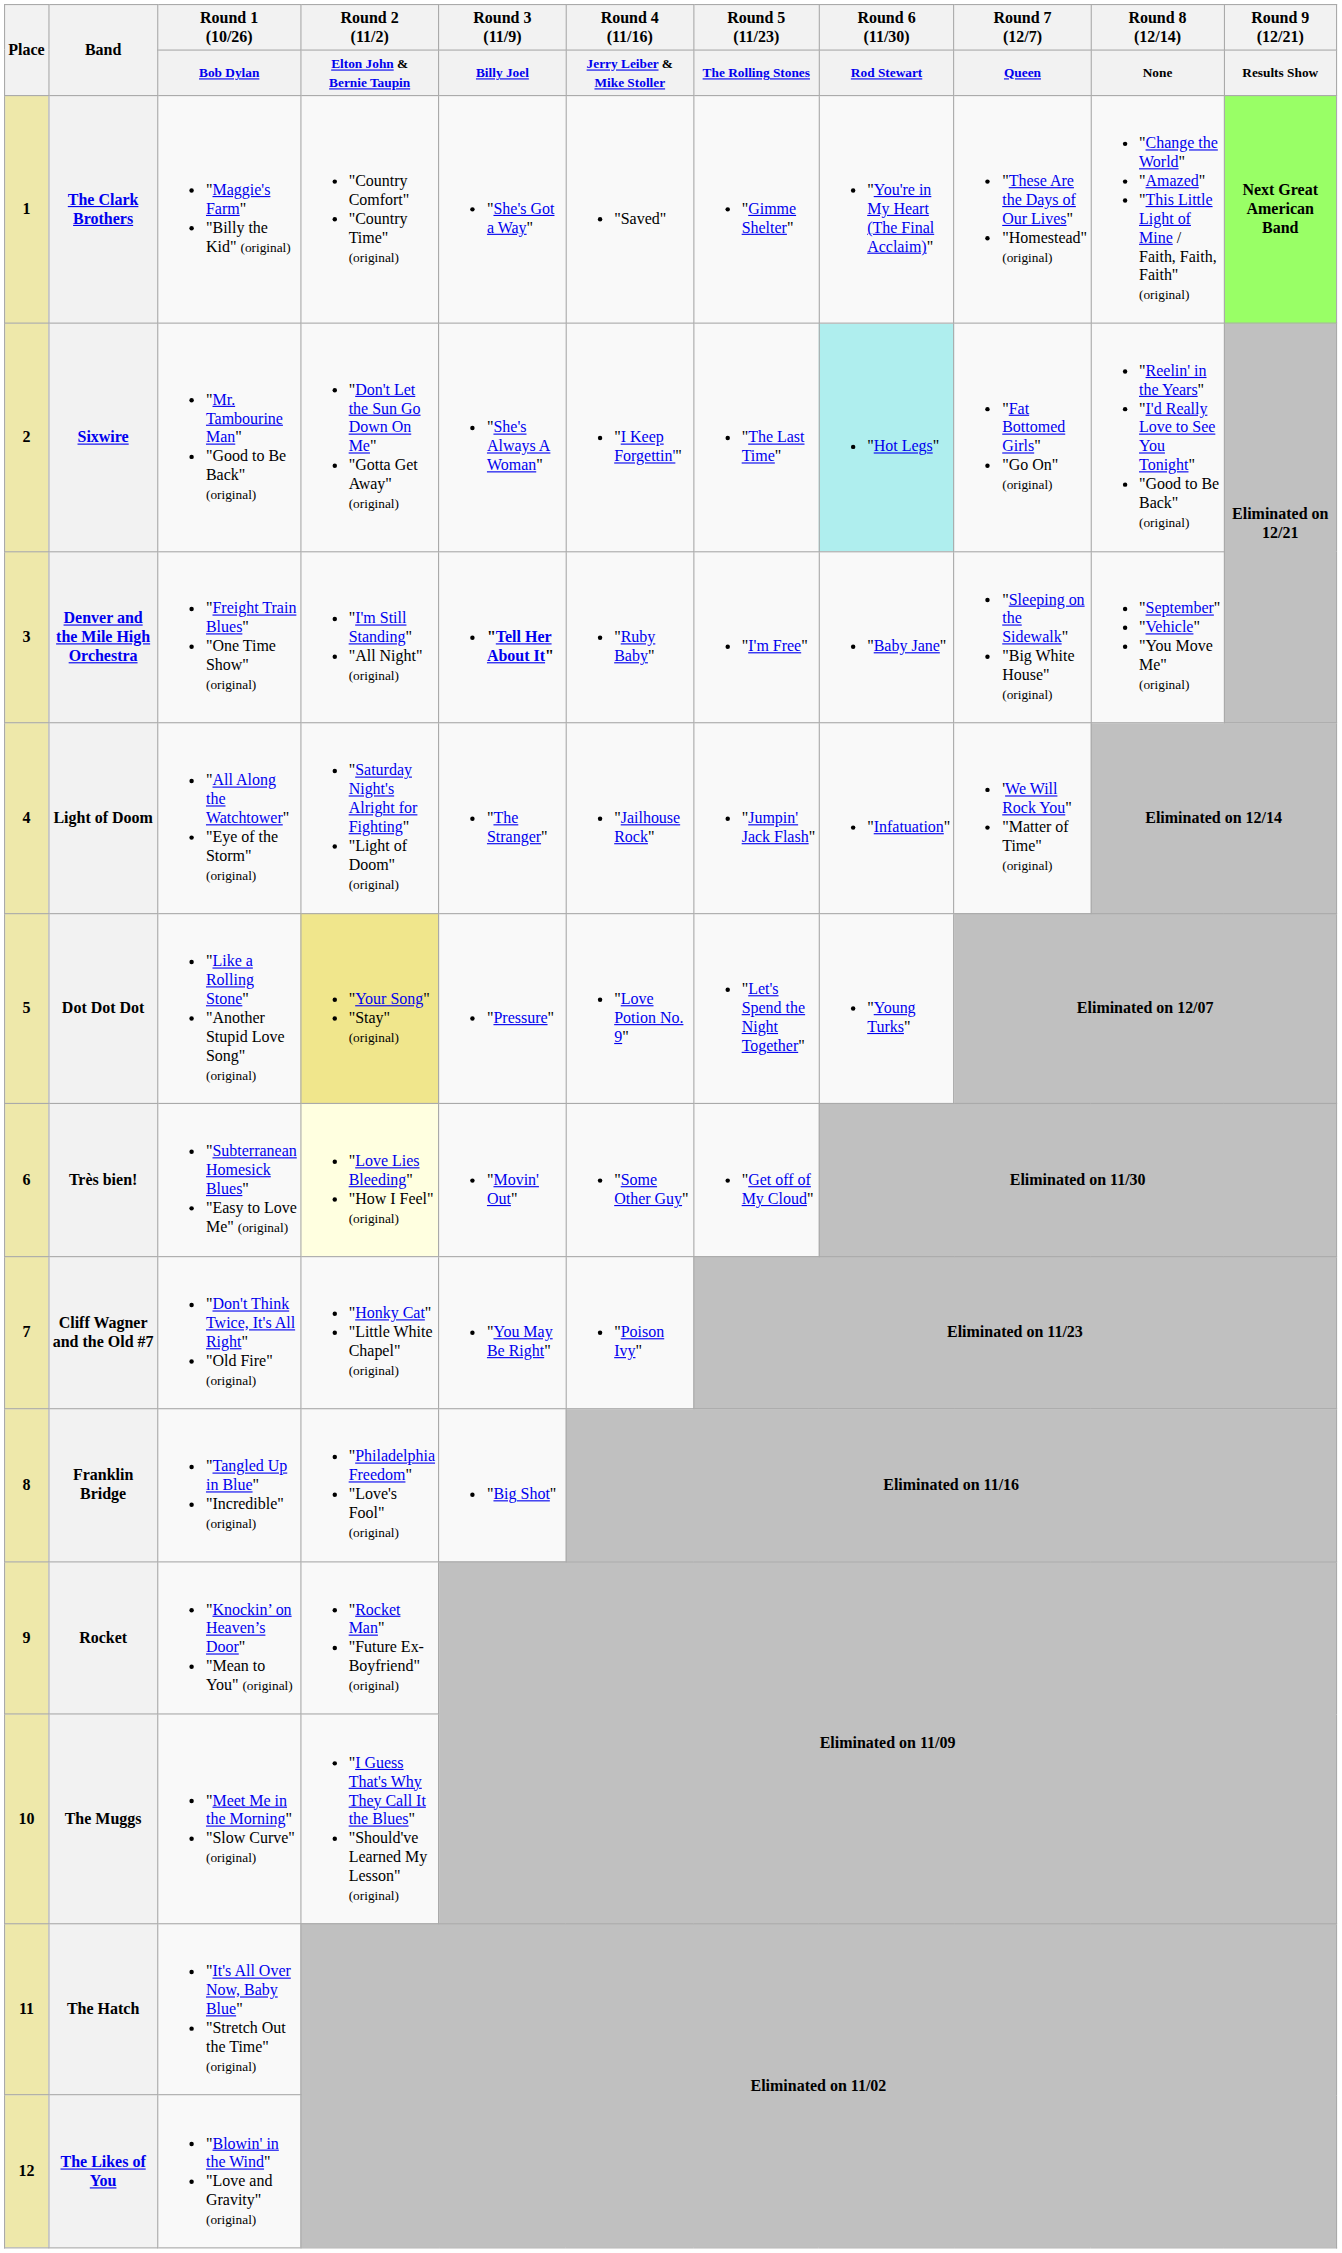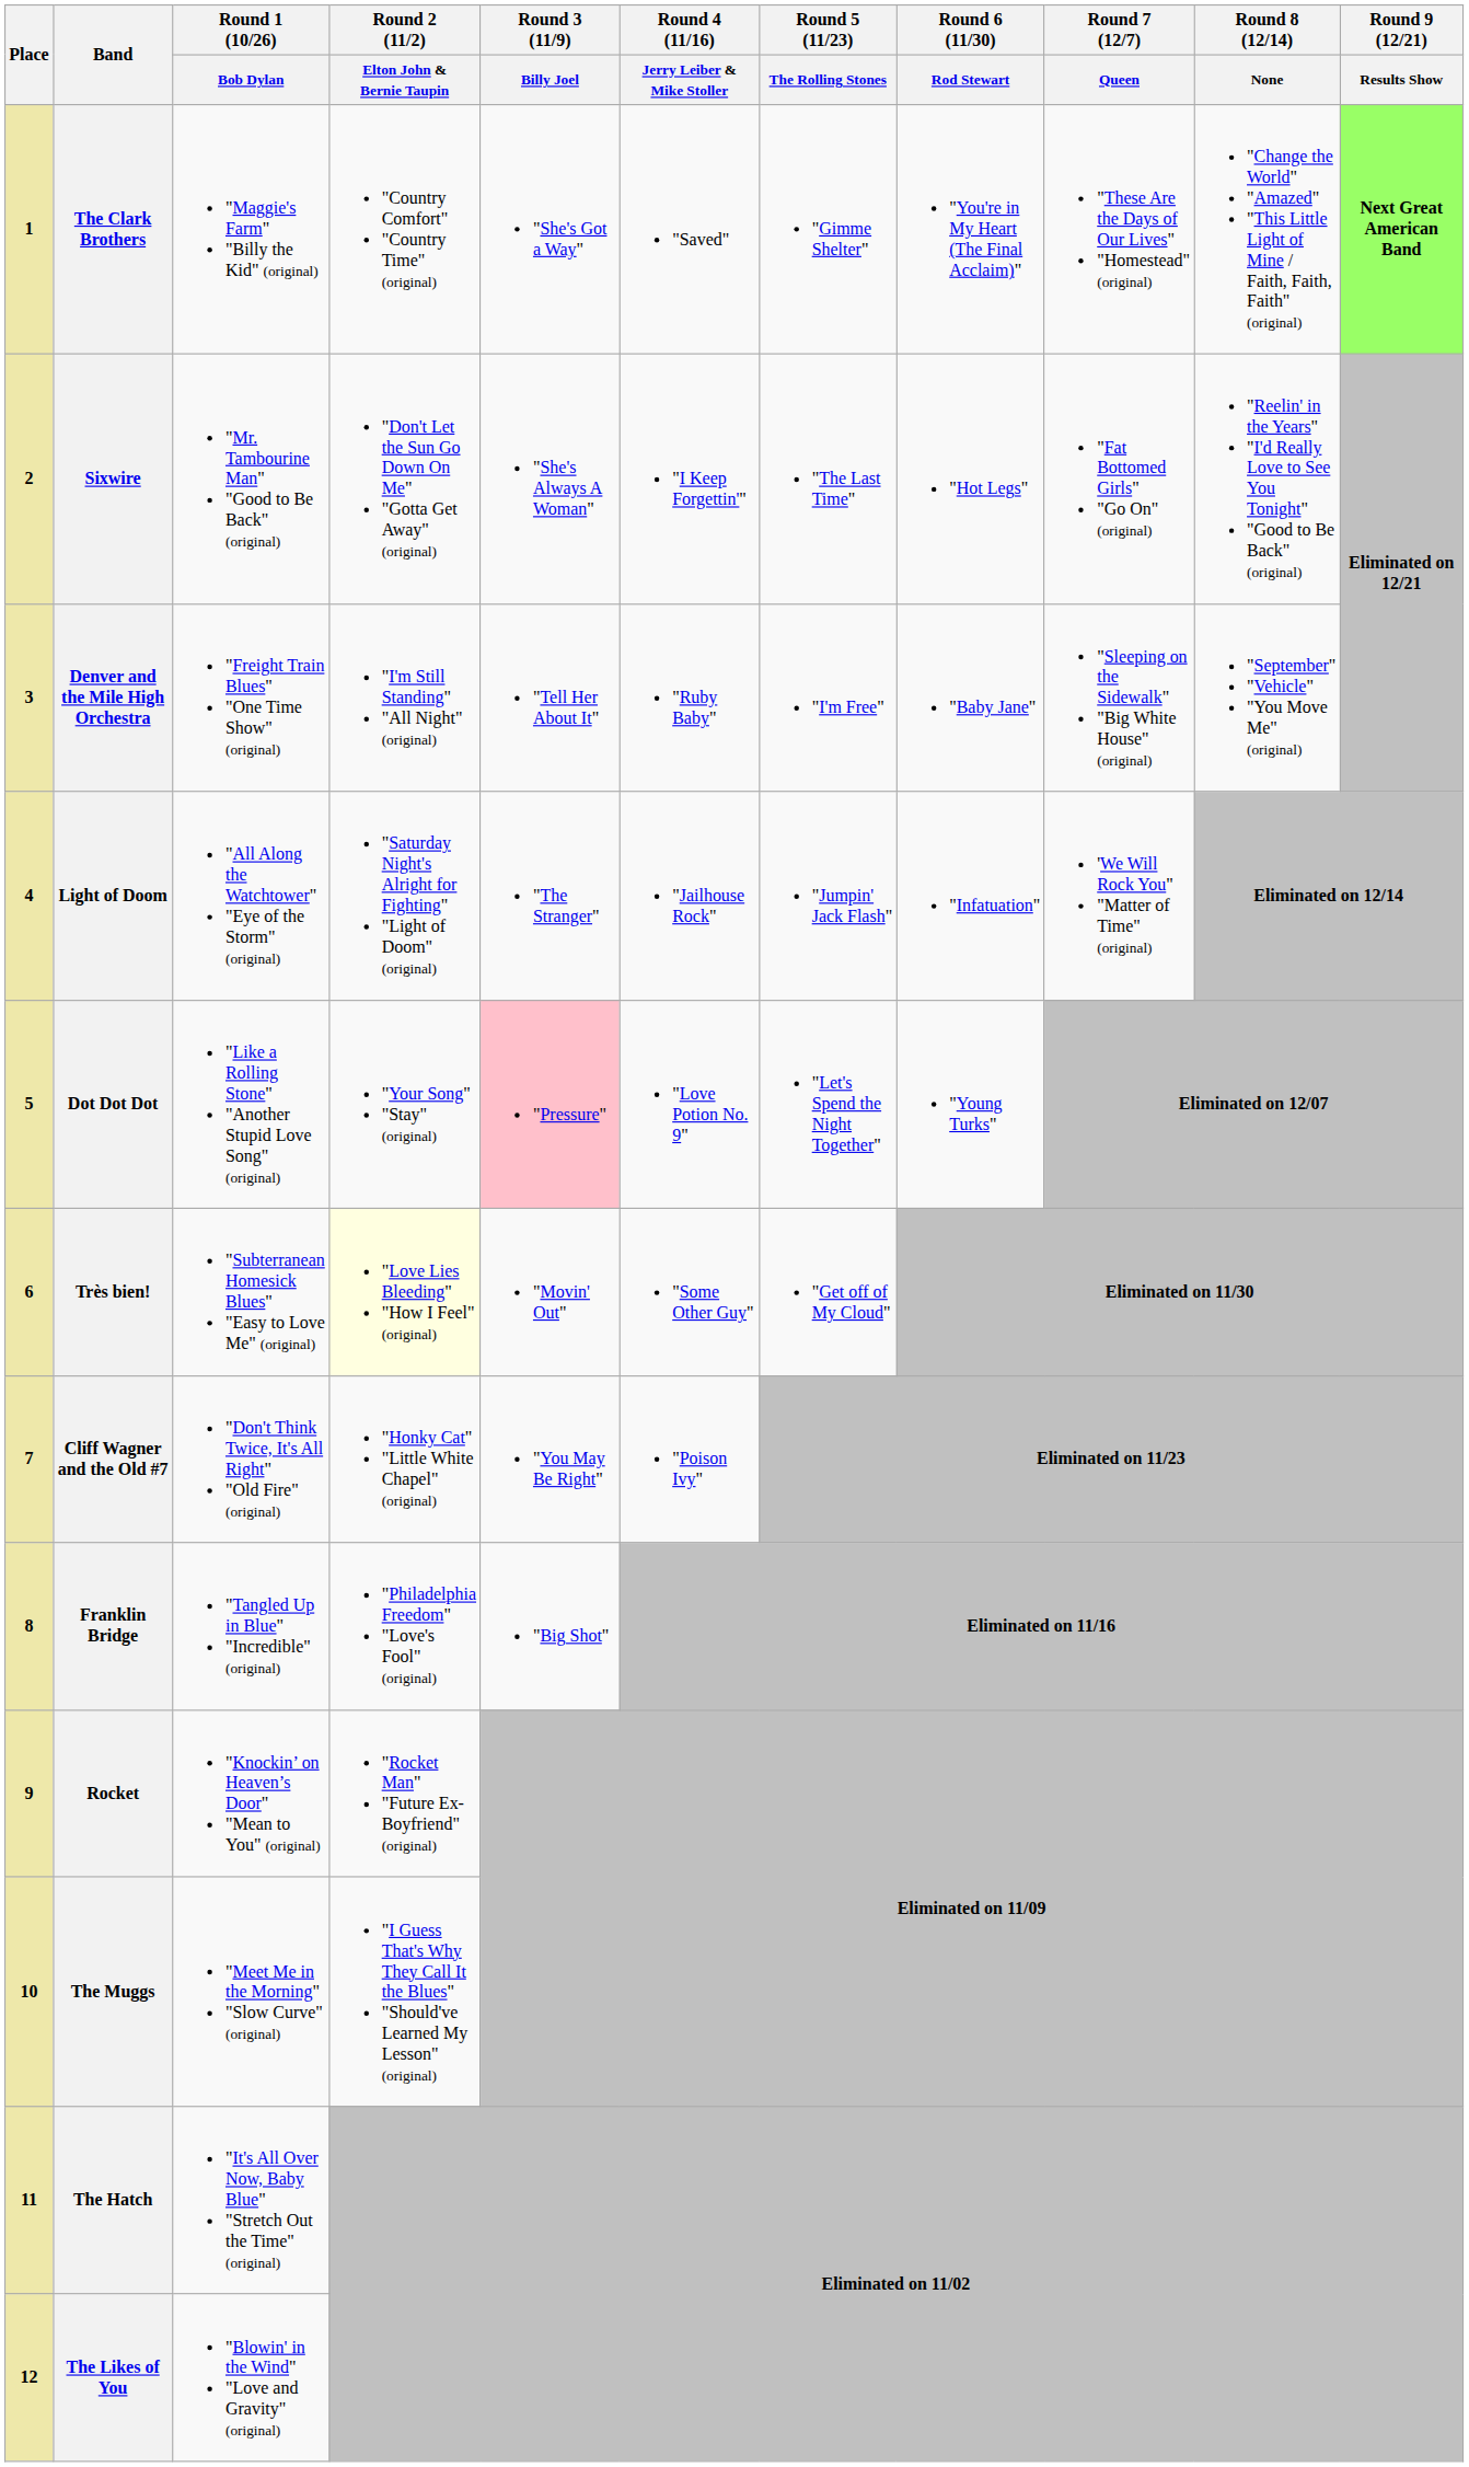 <table class="wikitable" width="95%" style="font-size:90%; valign:top">
 <tr>
 <th width="" rowspan="2">Place</th>
 <th width="10%" rowspan="2">Band</th>
 <th width="10%">Round 1<br>(10/26)</th>
 <th width="10%">Round 2<br>(11/2)</th>
 <th width="10%">Round 3<br>(11/9)</th>
 <th width="10%">Round 4<br>(11/16)</th>
 <th width="10%">Round 5<br>(11/23)</th>
 <th width="10%">Round 6<br>(11/30)</th>
 <th width="10%">Round 7<br>(12/7)</th>
 <th width="10%">Round 8<br>(12/14)</th>
 <th width="10%">Round 9<br>(12/21)</th>
 </tr>
 <tr>
 <th><small><a href='#'>Bob Dylan</a></small></th>
 <th><small><a href='#'>Elton John</a> &<br><a href='#'>Bernie Taupin</a></small></th>
 <th><small><a href='#'>Billy Joel</a></small></th>
 <th><small><a href='#'>Jerry Leiber</a> &<br><a href='#'>Mike Stoller</a></small></th>
 <th><small><a href='#'>The Rolling Stones</a></small></th>
 <th><small><a href='#'>Rod Stewart</a></small></th>
 <th><small><a href='#'>Queen</a></small></th>
 <th><small>None</small></th>
 <th><small>Results Show</small></th>
 </tr>
 <tr>
 <td align="center" bgcolor="#EEE8AA"><strong>1</strong></td>
 <th><a href='#'>The Clark Brothers</a></th>
 <td><br><ul><li>"<a href='#'>Maggie's Farm</a>"</li><li>"Billy the Kid" <small>(original)</small></li></ul></td>
 <td><br><ul><li>"Country Comfort"</li><li>"Country Time" <small>(original)</small></li></ul></td>
 <td><br><ul><li>"<a href='#'>She's Got a Way</a>"</li></ul></td>
 <td><br><ul><li>"Saved"</li></ul></td>
 <td><br><ul><li>"<a href='#'>Gimme Shelter</a>"</li></ul></td>
 <td><br><ul><li>"<a href='#'>You're in My Heart (The Final Acclaim)</a>"</li></ul></td>
 <td><br><ul><li>"<a href='#'>These Are the Days of Our Lives</a>"</li><li>"Homestead" <small>(original)</small></li></ul></td>
 <td><br><ul><li>"<a href='#'>Change the World</a>"</li><li>"<a href='#'>Amazed</a>"</li><li>"<a href='#'>This Little Light of Mine</a> / Faith, Faith, Faith" <small>(original)</small></li></ul></td>
 <td align="center" style="background:#99FF66"><strong>Next Great American Band</strong></td>
 </tr>
 <tr>
 <td align="center" bgcolor="#EEE8AA"><strong>2</strong></td>
 <th><a href='#'>Sixwire</a></th>
 <td><br><ul><li>"<a href='#'>Mr. Tambourine Man</a>"</li><li>"Good to Be Back" <small>(original)</small></li></ul></td>
 <td><br><ul><li>"<a href='#'>Don't Let the Sun Go Down On Me</a>"</li><li>"Gotta Get Away" <small>(original)</small></li></ul></td>
 <td><br><ul><li>"<a href='#'>She's Always A Woman</a>"</li></ul></td>
 <td><br><ul><li>"<a href='#'>I Keep Forgettin'</a>"</li></ul></td>
 <td><br><ul><li>"<a href='#'>The Last Time</a>"</li></ul></td>
-<td style="background: paleturquoise;"><br><ul><li>"<a href='#'>Hot Legs</a>"</li></ul></td>
+<td><br><ul><li>"<a href='#'>Hot Legs</a>"</li></ul></td>
 <td><br><ul><li>"<a href='#'>Fat Bottomed Girls</a>"</li><li>"Go On" <small>(original)</small></li></ul></td>
 <td><br><ul><li>"<a href='#'>Reelin' in the Years</a>"</li><li>"<a href='#'>I'd Really Love to See You Tonight</a>"</li><li>"Good to Be Back" <small>(original)</small></li></ul></td>
 <td align="center" style="background:#C0C0C0" rowspan="2"><strong>Eliminated on 12/21</strong></td>
 </tr>
 <tr>
 <td align="center" bgcolor="#EEE8AA"><strong>3</strong></td>
 <th><a href='#'>Denver and the Mile High Orchestra</a></th>
 <td><br><ul><li>"<a href='#'>Freight Train Blues</a>"</li><li>"One Time Show" <small>(original)</small></li></ul></td>
 <td><br><ul><li>"<a href='#'>I'm Still Standing</a>"</li><li>"All Night" <small>(original)</small></li></ul></td>
-<td><strong><br><ul><li>"<a href='#'>Tell Her About It</a>"</li></ul></strong></td>
+<td><br><ul><li>"<a href='#'>Tell Her About It</a>"</li></ul></td>
 <td><br><ul><li>"<a href='#'>Ruby Baby</a>"</li></ul></td>
 <td><br><ul><li>"<a href='#'>I'm Free</a>"</li></ul></td>
 <td><br><ul><li>"<a href='#'>Baby Jane</a>"</li></ul></td>
 <td><br><ul><li>"<a href='#'>Sleeping on the Sidewalk</a>"</li><li>"Big White House" <small>(original)</small></li></ul></td>
 <td><br><ul><li>"<a href='#'>September</a>"</li><li>"<a href='#'>Vehicle</a>"</li><li>"You Move Me" <small>(original)</small></li></ul></td>
 </tr>
 <tr>
 <td align="center" bgcolor="#EEE8AA"><strong> 4 </strong></td>
 <th>Light of Doom</th>
 <td><br><ul><li>"<a href='#'>All Along the Watchtower</a>"</li><li>"Eye of the Storm" <small>(original)</small></li></ul></td>
 <td><br><ul><li>"<a href='#'>Saturday Night's Alright for Fighting</a>"</li><li>"Light of Doom" <small>(original)</small></li></ul></td>
 <td><br><ul><li>"<a href='#'>The Stranger</a>"</li></ul></td>
 <td><br><ul><li>"<a href='#'>Jailhouse Rock</a>"</li></ul></td>
 <td><br><ul><li>"<a href='#'>Jumpin' Jack Flash</a>"</li></ul></td>
 <td><br><ul><li>"<a href='#'>Infatuation</a>"</li></ul></td>
 <td><br><ul><li>'<a href='#'>We Will Rock You</a>"</li><li>"Matter of Time" <small>(original)</small></li></ul></td>
 <td colspan="2" align="center" style="background:#C0C0C0"><strong>Eliminated on 12/14</strong></td>
 </tr>
 <tr>
 <td align="center" bgcolor="#EEE8AA"><strong>5</strong></td>
 <th>Dot Dot Dot</th>
 <td><br><ul><li>"<a href='#'>Like a Rolling Stone</a>"</li><li>"Another Stupid Love Song" <small>(original)</small></li></ul></td>
-<td style="background: khaki;"><br><ul><li>"<a href='#'>Your Song</a>"</li><li>"Stay" <small>(original)</small></li></ul></td>
-<td><br><ul><li>"<a href='#'>Pressure</a>"</li></ul></td>
+<td><br><ul><li>"<a href='#'>Your Song</a>"</li><li>"Stay" <small>(original)</small></li></ul></td>
+<td style="background: pink;"><br><ul><li>"<a href='#'>Pressure</a>"</li></ul></td>
 <td><br><ul><li>"<a href='#'>Love Potion No. 9</a>"</li></ul></td>
 <td><br><ul><li>"<a href='#'>Let's Spend the Night Together</a>"</li></ul></td>
 <td><br><ul><li>"<a href='#'>Young Turks</a>"</li></ul></td>
 <td colspan="3" align="center" style="background:#C0C0C0"><strong>Eliminated on 12/07</strong></td>
 </tr>
 <tr>
 <td align="center" bgcolor="#EEE8AA"><strong>6</strong></td>
 <th>Très bien!</th>
 <td><br><ul><li>"<a href='#'>Subterranean Homesick Blues</a>"</li><li>"Easy to Love Me" <small>(original)</small></li></ul></td>
 <td style="background: lightyellow;"><br><ul><li>"<a href='#'>Love Lies Bleeding</a>"</li><li>"How I Feel" <small>(original)</small></li></ul></td>
 <td><br><ul><li>"<a href='#'>Movin' Out</a>"</li></ul></td>
 <td><br><ul><li>"<a href='#'>Some Other Guy</a>"</li></ul></td>
 <td><br><ul><li>"<a href='#'>Get off of My Cloud</a>"</li></ul></td>
 <td colspan="4" align="center" style="background:#C0C0C0"><strong>Eliminated on 11/30</strong></td>
 </tr>
 <tr>
 <td align="center" bgcolor="#EEE8AA"><strong>7</strong></td>
 <th>Cliff Wagner and the Old #7</th>
 <td><br><ul><li>"<a href='#'>Don't Think Twice, It's All Right</a>"</li><li>"Old Fire" <small>(original)</small></li></ul></td>
 <td><br><ul><li>"<a href='#'>Honky Cat</a>"</li><li>"Little White Chapel" <small>(original)</small></li></ul></td>
 <td><br><ul><li>"<a href='#'>You May Be Right</a>"</li></ul></td>
 <td><br><ul><li>"<a href='#'>Poison Ivy</a>"</li></ul></td>
 <td colspan="5" align="center" style="background:#C0C0C0"><strong>Eliminated on 11/23</strong></td>
 </tr>
 <tr>
 <td align="center" bgcolor="#EEE8AA"><strong>8</strong></td>
 <th>Franklin Bridge</th>
 <td><br><ul><li>"<a href='#'>Tangled Up in Blue</a>"</li><li>"Incredible" <small>(original)</small></li></ul></td>
 <td><br><ul><li>"<a href='#'>Philadelphia Freedom</a>"</li><li>"Love's Fool" <small>(original)</small></li></ul></td>
 <td><br><ul><li>"<a href='#'>Big Shot</a>"</li></ul></td>
 <td colspan="6" align="center" style="background:#C0C0C0"><strong>Eliminated on 11/16</strong></td>
 </tr>
 <tr>
 <td align="center" bgcolor="#EEE8AA"><strong>9</strong></td>
 <th>Rocket</th>
 <td><br><ul><li>"<a href='#'>Knockin’ on Heaven’s Door</a>"</li><li>"Mean to You" <small>(original)</small></li></ul></td>
 <td><br><ul><li>"<a href='#'>Rocket Man</a>"</li><li>"Future Ex-Boyfriend" <small>(original)</small></li></ul></td>
 <td colspan="7" rowspan="2" align="center" style="background:#C0C0C0"><strong>Eliminated on 11/09</strong></td>
 </tr>
 <tr>
 <td align="center" bgcolor="#EEE8AA"><strong>10</strong></td>
 <th>The Muggs</th>
 <td><br><ul><li>"<a href='#'>Meet Me in the Morning</a>"</li><li>"Slow Curve" <small>(original)</small></li></ul></td>
 <td><br><ul><li>"<a href='#'>I Guess That's Why They Call It the Blues</a>"</li><li>"Should've Learned My Lesson"<br><small>(original)</small></li></ul></td>
 </tr>
 <tr>
 <td align="center" bgcolor="#EEE8AA"><strong>11</strong></td>
 <th>The Hatch</th>
 <td><br><ul><li>"<a href='#'>It's All Over Now, Baby Blue</a>"</li><li>"Stretch Out the Time" <small>(original)</small></li></ul></td>
 <td colspan="8" rowspan="2" align="center" style="background:#C0C0C0"><strong>Eliminated on 11/02</strong></td>
 </tr>
 <tr>
 <td align="center" bgcolor="#EEE8AA"><strong>12</strong></td>
 <th><a href='#'>The Likes of You</a></th>
 <td><br><ul><li>"<a href='#'>Blowin' in the Wind</a>"</li><li>"Love and Gravity" <small>(original)</small></li></ul></td>
 </tr>
 </table>
